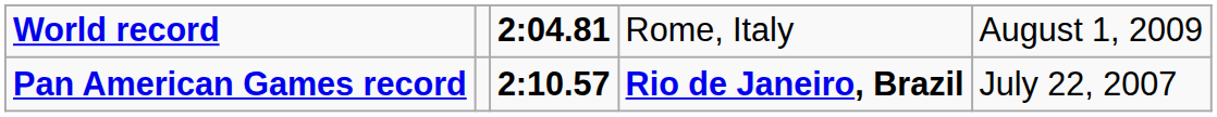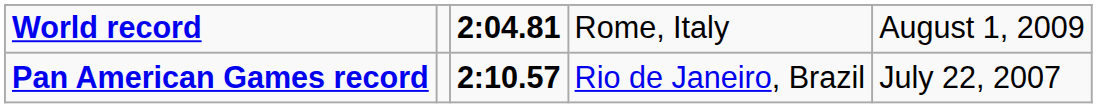 <table class="wikitable">
 <tr>
 <td><strong><a href='#'>World record</a></strong></td>
 <td></td>
 <td><strong>2:04.81</strong></td>
 <td>Rome, Italy</td>
 <td>August 1, 2009</td>
 </tr>
 <tr>
 <td><strong><a href='#'>Pan American Games record</a></strong></td>
 <td></td>
 <td><strong>2:10.57</strong></td>
-<td><strong><a href='#'>Rio de Janeiro</a>, Brazil</strong></td>
+<td><a href='#'>Rio de Janeiro</a>, Brazil</td>
 <td>July 22, 2007</td>
 </tr>
 </table>
